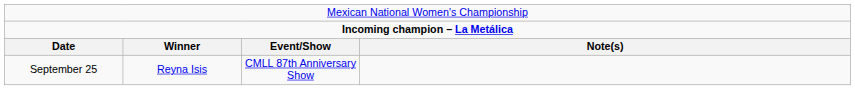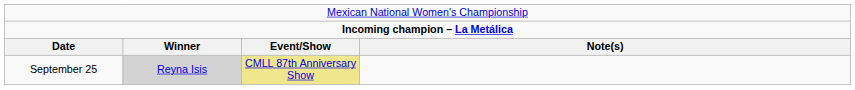 <table class="wikitable" style="text-align:center; width:100%;">
 <tr>
 <td colspan="4" style="text-align: center;"><a href='#'>Mexican National Women's Championship</a></td>
 </tr>
 <tr>
 <td colspan="4" style="text-align: center;"><strong>Incoming champion – <a href='#'>La Metálica</a></strong></td>
 </tr>
 <tr>
 <th width=14%>Date</th>
 <th width=14%>Winner</th>
 <th width=14%>Event/Show</th>
 <th width=58%>Note(s)</th>
 </tr>
 <tr>
 <td>September 25</td>
-<td><a href='#'>Reyna Isis</a></td>
-<td><a href='#'>CMLL 87th Anniversary Show</a></td>
+<td style="background: lightgrey;"><a href='#'>Reyna Isis</a></td>
+<td style="background: khaki;"><a href='#'>CMLL 87th Anniversary Show</a></td>
 <td></td>
 </tr>
 </table>
